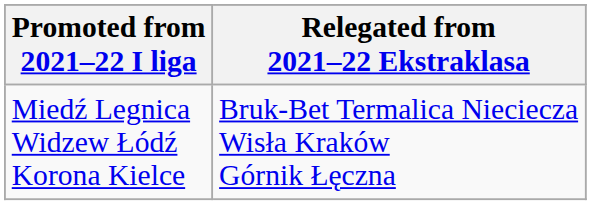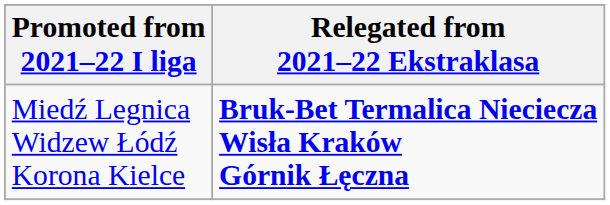 <table class="wikitable">
 <tr>
 <th>Promoted from<br><a href='#'>2021–22 I liga</a></th>
 <th>Relegated from<br><a href='#'>2021–22 Ekstraklasa</a></th>
 </tr>
 <tr>
 <td> <a href='#'>Miedź Legnica</a> <br> <a href='#'>Widzew Łódź</a> <br> <a href='#'>Korona Kielce</a> </td>
-<td> <a href='#'>Bruk-Bet Termalica Nieciecza</a> <br> <a href='#'>Wisła Kraków</a> <br>  <a href='#'>Górnik Łęczna</a> </td>
+<td><strong> <a href='#'>Bruk-Bet Termalica Nieciecza</a> <br> <a href='#'>Wisła Kraków</a> <br>  <a href='#'>Górnik Łęczna</a> </strong></td>
 </tr>
 </table>
